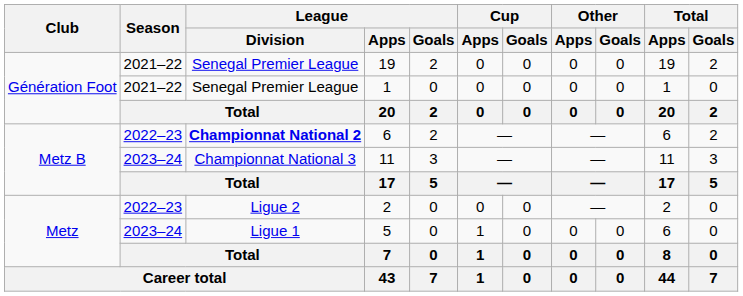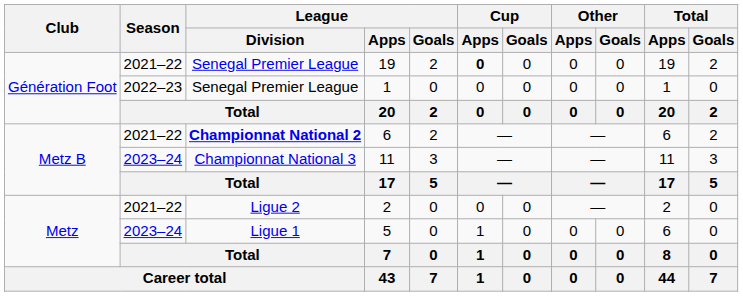 <table class="wikitable" style="text-align: center;">
 <tr>
 <th rowspan=2>Club</th>
 <th rowspan=2>Season</th>
 <th colspan=3>League</th>
 <th colspan=2>Cup</th>
 <th colspan=2>Other</th>
 <th colspan=2>Total</th>
 </tr>
 <tr>
 <th>Division</th>
 <th>Apps</th>
 <th>Goals</th>
 <th>Apps</th>
 <th>Goals</th>
 <th>Apps</th>
 <th>Goals</th>
 <th>Apps</th>
 <th>Goals</th>
 </tr>
 <tr>
 <td rowspan=3><a href='#'>Génération Foot</a></td>
 <td>2021–22</td>
 <td><a href='#'>Senegal Premier League</a></td>
 <td>19</td>
 <td>2</td>
-<td>0</td>
+<td><strong>0</strong></td>
 <td>0</td>
 <td>0</td>
 <td>0</td>
 <td>19</td>
 <td>2</td>
 </tr>
 <tr>
-<td>2021–22</td>
+<td>2022–23</td>
 <td>Senegal Premier League</td>
 <td>1</td>
 <td>0</td>
 <td>0</td>
 <td>0</td>
 <td>0</td>
 <td>0</td>
 <td>1</td>
 <td>0</td>
 </tr>
 <tr>
 <th colspan=2><strong>Total</strong></th>
 <th>20</th>
 <th>2</th>
 <th>0</th>
 <th>0</th>
 <th>0</th>
 <th>0</th>
 <th>20</th>
 <th>2</th>
 </tr>
 <tr>
 <td rowspan="3"><a href='#'>Metz B</a></td>
-<td><a href='#'>2022–23</a></td>
+<td>2021–22</td>
 <td><strong><a href='#'>Championnat National 2</a></strong></td>
 <td>6</td>
 <td>2</td>
 <td colspan="2">—</td>
 <td colspan="2">—</td>
 <td>6</td>
 <td>2</td>
 </tr>
 <tr>
 <td><a href='#'>2023–24</a></td>
 <td><a href='#'>Championnat National 3</a></td>
 <td>11</td>
 <td>3</td>
 <td colspan="2">—</td>
 <td colspan="2">—</td>
 <td>11</td>
 <td>3</td>
 </tr>
 <tr>
 <th colspan="2">Total</th>
 <th>17</th>
 <th>5</th>
 <th colspan="2">—</th>
 <th colspan="2">—</th>
 <th>17</th>
 <th>5</th>
 </tr>
 <tr>
 <td rowspan="3"><a href='#'>Metz</a></td>
-<td><a href='#'>2022–23</a></td>
+<td>2021–22</td>
 <td><a href='#'>Ligue 2</a></td>
 <td>2</td>
 <td>0</td>
 <td>0</td>
 <td>0</td>
 <td colspan="2">—</td>
 <td>2</td>
 <td>0</td>
 </tr>
 <tr>
 <td><a href='#'>2023–24</a></td>
 <td><a href='#'>Ligue 1</a></td>
 <td>5</td>
 <td>0</td>
 <td>1</td>
 <td>0</td>
 <td>0</td>
 <td>0</td>
 <td>6</td>
 <td>0</td>
 </tr>
 <tr>
 <th colspan="2">Total</th>
 <th>7</th>
 <th>0</th>
 <th>1</th>
 <th>0</th>
 <th>0</th>
 <th>0</th>
 <th>8</th>
 <th>0</th>
 </tr>
 <tr>
 <th colspan="3"><strong>Career total</strong></th>
 <th>43</th>
 <th>7</th>
 <th>1</th>
 <th>0</th>
 <th>0</th>
 <th>0</th>
 <th>44</th>
 <th>7</th>
 </tr>
 </table>
